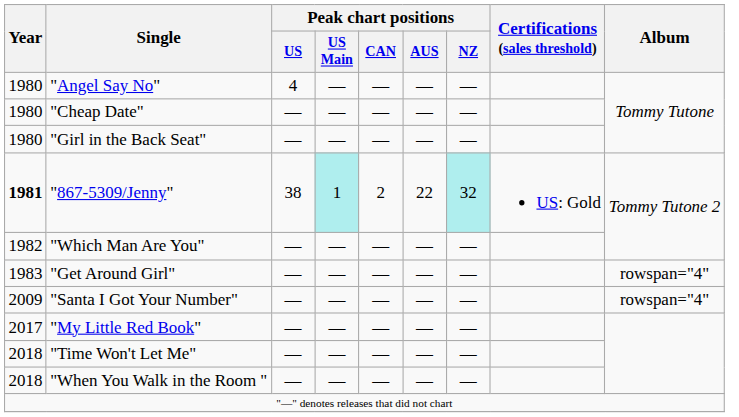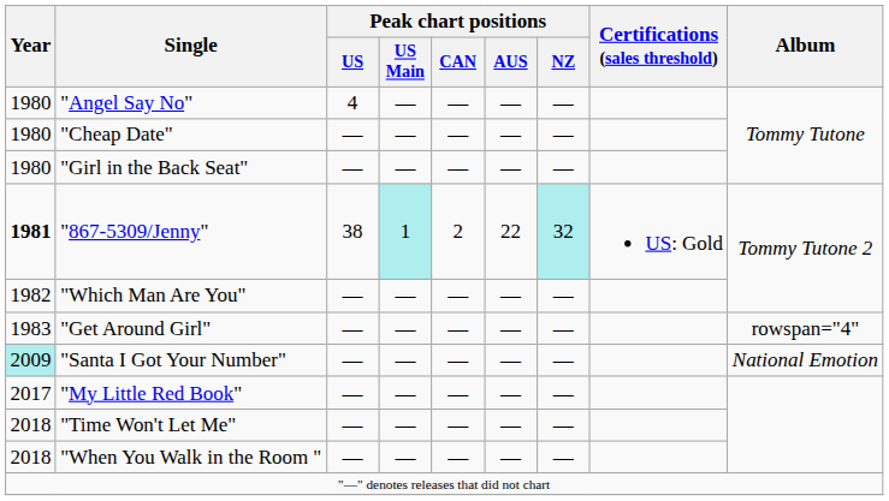 <table class="wikitable" style="text-align:center;">
 <tr>
 <th rowspan="2">Year</th>
 <th rowspan="2">Single</th>
 <th colspan="5">Peak chart positions</th>
 <th rowspan="2"><a href='#'>Certifications</a><br><small>(<a href='#'>sales threshold</a>)</small></th>
 <th rowspan="2">Album</th>
 </tr>
 <tr style="font-size:smaller;">
 <th width="35"><a href='#'>US</a><br></th>
 <th width="35"><a href='#'>US Main</a><br></th>
 <th width="35"><a href='#'>CAN</a><br></th>
 <th width="35"><a href='#'>AUS</a><br></th>
 <th width="35"><a href='#'>NZ</a><br></th>
 </tr>
 <tr>
 <td>1980</td>
 <td align="left">"<a href='#'>Angel Say No</a>"</td>
 <td>4</td>
 <td>—</td>
 <td>—</td>
 <td>—</td>
 <td>—</td>
 <td></td>
 <td rowspan="3"><em>Tommy Tutone</em></td>
 </tr>
 <tr>
 <td>1980</td>
 <td align="left">"Cheap Date"</td>
 <td>—</td>
 <td>—</td>
 <td>—</td>
 <td>—</td>
 <td>—</td>
 <td></td>
 </tr>
 <tr>
 <td>1980</td>
 <td align="left">"Girl in the Back Seat"</td>
 <td>—</td>
 <td>—</td>
 <td>—</td>
 <td>—</td>
 <td>—</td>
 <td></td>
 </tr>
 <tr>
 <td><strong>1981</strong></td>
 <td align="left">"<a href='#'>867-5309/Jenny</a>"</td>
 <td>38</td>
 <td style="background: paleturquoise;">1</td>
 <td>2</td>
 <td>22</td>
 <td style="background: paleturquoise;">32</td>
 <td align="left"><br><ul><li><a href='#'>US</a>: Gold</li></ul></td>
 <td rowspan="2"><em>Tommy Tutone 2</em></td>
 </tr>
 <tr>
 <td>1982</td>
 <td align="left">"Which Man Are You"</td>
 <td>—</td>
 <td>—</td>
 <td>—</td>
 <td>—</td>
 <td>—</td>
 <td></td>
 </tr>
 <tr>
 <td>1983</td>
 <td align="left">"Get Around Girl"</td>
 <td>—</td>
 <td>—</td>
 <td>—</td>
 <td>—</td>
 <td>—</td>
 <td></td>
 <td>rowspan="4" </td>
 </tr>
 <tr>
-<td>2009</td>
+<td style="background: paleturquoise;">2009</td>
 <td align="left">"Santa I Got Your Number"</td>
 <td>—</td>
 <td>—</td>
 <td>—</td>
 <td>—</td>
 <td>—</td>
 <td></td>
-<td>rowspan="4" </td>
+<td align="left"><em>National Emotion</em></td>
 </tr>
 <tr>
 <td>2017</td>
 <td align="left">"<a href='#'>My Little Red Book</a>"</td>
 <td>—</td>
 <td>—</td>
 <td>—</td>
 <td>—</td>
 <td>—</td>
 <td></td>
 </tr>
 <tr>
 <td>2018</td>
 <td align="left">"Time Won't Let Me"</td>
 <td>—</td>
 <td>—</td>
 <td>—</td>
 <td>—</td>
 <td>—</td>
 <td></td>
 </tr>
 <tr>
 <td>2018</td>
 <td align="left">"When You Walk in the Room "</td>
 <td>—</td>
 <td>—</td>
 <td>—</td>
 <td>—</td>
 <td>—</td>
 <td></td>
 </tr>
 <tr>
 <td colspan="11" style="font-size:8pt">"—" denotes releases that did not chart</td>
 </tr>
 <tr>
 </tr>
 </table>
